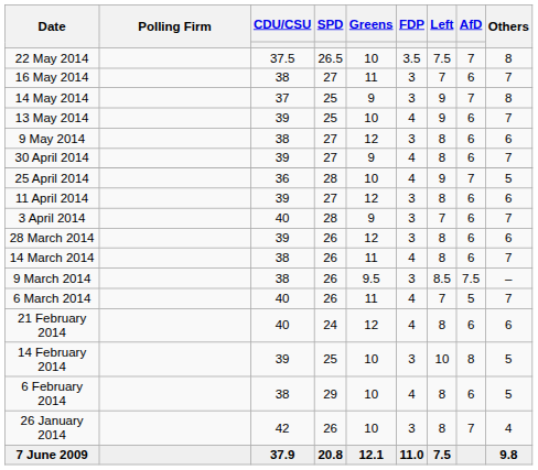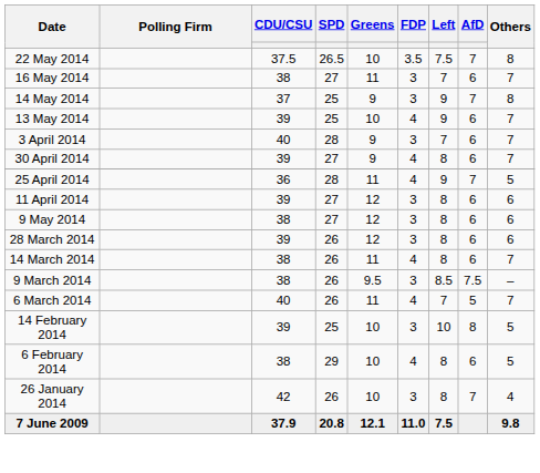 <table class="wikitable" style="text-align:center; font-size:90%; line-height:16px;">
 <tr style="height:42px;">
 <th style="width:100px;" rowspan="2">Date</th>
 <th style="width:165px;" rowspan="2">Polling Firm</th>
 <th><a href='#'><span>CDU/CSU</span></a><br></th>
 <th><a href='#'><span>SPD</span></a><br></th>
 <th><a href='#'><span>Greens</span></a><br></th>
 <th><a href='#'><span>FDP</span></a><br></th>
 <th><a href='#'><span>Left</span></a><br></th>
 <th><a href='#'><span>AfD</span></a><br></th>
 <th style="width:40px;" rowspan="2">Others</th>
 </tr>
 <tr>
 <th style="background:"></th>
 <th style="background:"></th>
 <th style="background:"></th>
 <th style="background:"></th>
 <th style="background:"></th>
 <th style="background:"></th>
 </tr>
 <tr>
 <td>22 May 2014</td>
 <td></td>
 <td>37.5</td>
 <td>26.5</td>
 <td>10</td>
 <td>3.5</td>
 <td>7.5</td>
 <td>7</td>
 <td>8</td>
 </tr>
 <tr>
 <td>16 May 2014</td>
 <td></td>
 <td>38</td>
 <td>27</td>
 <td>11</td>
 <td>3</td>
 <td>7</td>
 <td>6</td>
 <td>7</td>
 </tr>
 <tr>
 <td>14 May 2014</td>
 <td></td>
 <td>37</td>
 <td>25</td>
 <td>9</td>
 <td>3</td>
 <td>9</td>
 <td>7</td>
 <td>8</td>
 </tr>
 <tr>
 <td>13 May 2014</td>
 <td></td>
 <td>39</td>
 <td>25</td>
 <td>10</td>
 <td>4</td>
 <td>9</td>
 <td>6</td>
 <td>7</td>
 </tr>
 <tr>
-<td>9 May 2014</td>
+<td>3 April 2014</td>
 <td></td>
-<td>38</td>
-<td>27</td>
-<td>12</td>
+<td>40</td>
+<td>28</td>
+<td>9</td>
 <td>3</td>
-<td>8</td>
+<td>7</td>
 <td>6</td>
-<td>6</td>
+<td>7</td>
 </tr>
 <tr>
 <td>30 April 2014</td>
 <td></td>
 <td>39</td>
 <td>27</td>
 <td>9</td>
 <td>4</td>
 <td>8</td>
 <td>6</td>
 <td>7</td>
 </tr>
 <tr>
 </tr>
 <tr>
 <td>25 April 2014</td>
 <td></td>
 <td>36</td>
 <td>28</td>
-<td>10</td>
+<td>11</td>
 <td>4</td>
 <td>9</td>
 <td>7</td>
 <td>5</td>
 </tr>
 <tr>
 <td>11 April 2014</td>
 <td></td>
 <td>39</td>
 <td>27</td>
 <td>12</td>
 <td>3</td>
 <td>8</td>
 <td>6</td>
 <td>6</td>
 </tr>
 <tr>
-<td>3 April 2014</td>
+<td>9 May 2014</td>
 <td></td>
-<td>40</td>
-<td>28</td>
-<td>9</td>
+<td>38</td>
+<td>27</td>
+<td>12</td>
 <td>3</td>
-<td>7</td>
+<td>8</td>
 <td>6</td>
-<td>7</td>
+<td>6</td>
 </tr>
 <tr>
 <td>28 March 2014</td>
 <td></td>
 <td>39</td>
 <td>26</td>
 <td>12</td>
 <td>3</td>
 <td>8</td>
 <td>6</td>
 <td>6</td>
 </tr>
 <tr>
 <td>14 March 2014</td>
 <td></td>
 <td>38</td>
 <td>26</td>
 <td>11</td>
 <td>4</td>
 <td>8</td>
 <td>6</td>
 <td>7</td>
 </tr>
 <tr>
 <td>9 March 2014</td>
 <td></td>
 <td>38</td>
 <td>26</td>
 <td>9.5</td>
 <td>3</td>
 <td>8.5</td>
 <td>7.5</td>
 <td>–</td>
 </tr>
 <tr>
 <td>6 March 2014</td>
 <td></td>
 <td>40</td>
 <td>26</td>
 <td>11</td>
 <td>4</td>
 <td>7</td>
 <td>5</td>
 <td>7</td>
 </tr>
 <tr>
-<td>21 February 2014</td>
-<td></td>
-<td>40</td>
-<td>24</td>
-<td>12</td>
-<td>4</td>
-<td>8</td>
-<td>6</td>
-<td>6</td>
-</tr>
-<tr>
 <td>14 February 2014</td>
 <td></td>
 <td>39</td>
 <td>25</td>
 <td>10</td>
 <td>3</td>
 <td>10</td>
 <td>8</td>
 <td>5</td>
 </tr>
 <tr>
 <td>6 February 2014</td>
 <td></td>
 <td>38</td>
 <td>29</td>
 <td>10</td>
 <td>4</td>
 <td>8</td>
 <td>6</td>
 <td>5</td>
 </tr>
 <tr>
 <td>26 January 2014</td>
 <td></td>
 <td>42</td>
 <td>26</td>
 <td>10</td>
 <td>3</td>
 <td>8</td>
 <td>7</td>
 <td>4</td>
 </tr>
 <tr style="background:#EFEFEF; font-weight:bold;">
 <td>7 June 2009</td>
 <td></td>
 <td>37.9</td>
 <td>20.8</td>
 <td>12.1</td>
 <td>11.0</td>
 <td>7.5</td>
 <td></td>
 <td>9.8</td>
 </tr>
 </table>
